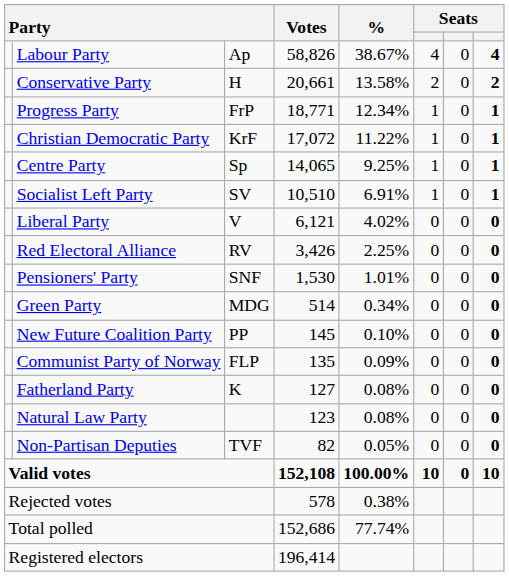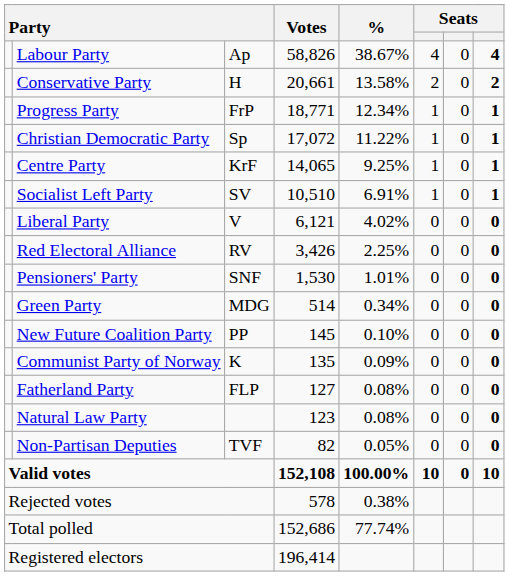 <table class="wikitable" border="1" style="text-align:right;">
 <tr>
 <th style="text-align:left;" valign=bottom rowspan=2 colspan=3>Party</th>
 <th align=center valign=bottom rowspan=2 width="50">Votes</th>
 <th align=center valign=bottom rowspan=2 width="50">%</th>
 <th colspan=3>Seats</th>
 </tr>
 <tr>
 <th align=center valign=bottom width="20"><small></small></th>
 <th align=center valign=bottom width="20"><small><a href='#'></a></small></th>
 <th align=center valign=bottom width="20"><small></small></th>
 </tr>
 <tr>
 <td style="color:inherit;background:"></td>
 <td align=left><a href='#'>Labour Party</a></td>
 <td align=left>Ap</td>
 <td>58,826</td>
 <td>38.67%</td>
 <td>4</td>
 <td>0</td>
 <td><strong>4</strong></td>
 </tr>
 <tr>
 <td style="color:inherit;background:"></td>
 <td align=left><a href='#'>Conservative Party</a></td>
 <td align=left>H</td>
 <td>20,661</td>
 <td>13.58%</td>
 <td>2</td>
 <td>0</td>
 <td><strong>2</strong></td>
 </tr>
 <tr>
 <td style="color:inherit;background:"></td>
 <td align=left><a href='#'>Progress Party</a></td>
 <td align=left>FrP</td>
 <td>18,771</td>
 <td>12.34%</td>
 <td>1</td>
 <td>0</td>
 <td><strong>1</strong></td>
 </tr>
 <tr>
 <td style="color:inherit;background:"></td>
 <td align=left><a href='#'>Christian Democratic Party</a></td>
-<td align=left>KrF</td>
+<td align=left>Sp</td>
 <td>17,072</td>
 <td>11.22%</td>
 <td>1</td>
 <td>0</td>
 <td><strong>1</strong></td>
 </tr>
 <tr>
 <td style="color:inherit;background:"></td>
 <td align=left><a href='#'>Centre Party</a></td>
-<td align=left>Sp</td>
+<td align=left>KrF</td>
 <td>14,065</td>
 <td>9.25%</td>
 <td>1</td>
 <td>0</td>
 <td><strong>1</strong></td>
 </tr>
 <tr>
 <td style="color:inherit;background:"></td>
 <td align=left><a href='#'>Socialist Left Party</a></td>
 <td align=left>SV</td>
 <td>10,510</td>
 <td>6.91%</td>
 <td>1</td>
 <td>0</td>
 <td><strong>1</strong></td>
 </tr>
 <tr>
 <td style="color:inherit;background:"></td>
 <td align=left><a href='#'>Liberal Party</a></td>
 <td align=left>V</td>
 <td>6,121</td>
 <td>4.02%</td>
 <td>0</td>
 <td>0</td>
 <td><strong>0</strong></td>
 </tr>
 <tr>
 <td style="color:inherit;background:"></td>
 <td align=left><a href='#'>Red Electoral Alliance</a></td>
 <td align=left>RV</td>
 <td>3,426</td>
 <td>2.25%</td>
 <td>0</td>
 <td>0</td>
 <td><strong>0</strong></td>
 </tr>
 <tr>
 <td style="color:inherit;background:"></td>
 <td align=left><a href='#'>Pensioners' Party</a></td>
 <td align=left>SNF</td>
 <td>1,530</td>
 <td>1.01%</td>
 <td>0</td>
 <td>0</td>
 <td><strong>0</strong></td>
 </tr>
 <tr>
 <td style="color:inherit;background:"></td>
 <td align=left><a href='#'>Green Party</a></td>
 <td align=left>MDG</td>
 <td>514</td>
 <td>0.34%</td>
 <td>0</td>
 <td>0</td>
 <td><strong>0</strong></td>
 </tr>
 <tr>
 <td style="color:inherit;background:"></td>
 <td align=left><a href='#'>New Future Coalition Party</a></td>
 <td align=left>PP</td>
 <td>145</td>
 <td>0.10%</td>
 <td>0</td>
 <td>0</td>
 <td><strong>0</strong></td>
 </tr>
 <tr>
 <td style="color:inherit;background:"></td>
 <td align=left><a href='#'>Communist Party of Norway</a></td>
-<td align=left>FLP</td>
+<td align=left>K</td>
 <td>135</td>
 <td>0.09%</td>
 <td>0</td>
 <td>0</td>
 <td><strong>0</strong></td>
 </tr>
 <tr>
 <td style="color:inherit;background:"></td>
 <td align=left><a href='#'>Fatherland Party</a></td>
-<td align=left>K</td>
+<td align=left>FLP</td>
 <td>127</td>
 <td>0.08%</td>
 <td>0</td>
 <td>0</td>
 <td><strong>0</strong></td>
 </tr>
 <tr>
 <td></td>
 <td align=left><a href='#'>Natural Law Party</a></td>
 <td align=left></td>
 <td>123</td>
 <td>0.08%</td>
 <td>0</td>
 <td>0</td>
 <td><strong>0</strong></td>
 </tr>
 <tr>
 <td></td>
 <td align=left><a href='#'>Non-Partisan Deputies</a></td>
 <td align=left>TVF</td>
 <td>82</td>
 <td>0.05%</td>
 <td>0</td>
 <td>0</td>
 <td><strong>0</strong></td>
 </tr>
 <tr style="font-weight:bold">
 <td align=left colspan=3>Valid votes</td>
 <td>152,108</td>
 <td>100.00%</td>
 <td>10</td>
 <td>0</td>
 <td>10</td>
 </tr>
 <tr>
 <td align=left colspan=3>Rejected votes</td>
 <td>578</td>
 <td>0.38%</td>
 <td></td>
 <td></td>
 <td></td>
 </tr>
 <tr>
 <td align=left colspan=3>Total polled</td>
 <td>152,686</td>
 <td>77.74%</td>
 <td></td>
 <td></td>
 <td></td>
 </tr>
 <tr>
 <td align=left colspan=3>Registered electors</td>
 <td>196,414</td>
 <td></td>
 <td></td>
 <td></td>
 <td></td>
 </tr>
 </table>
